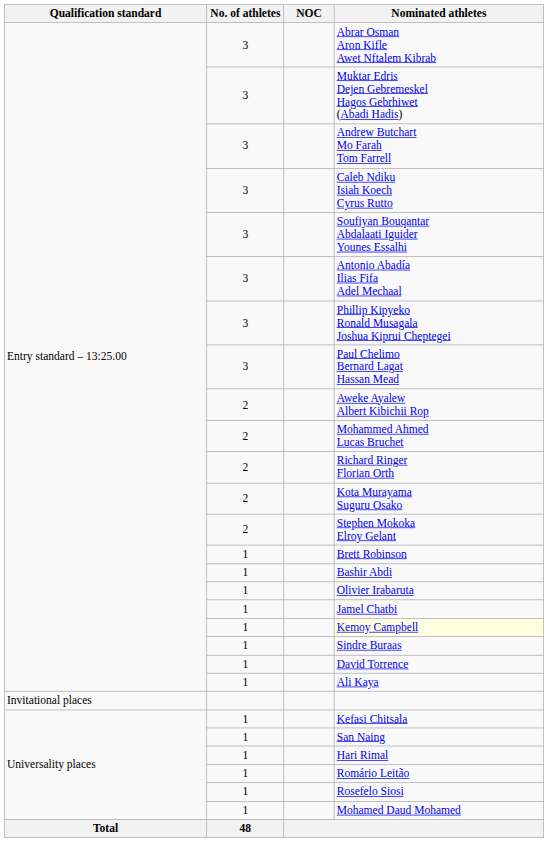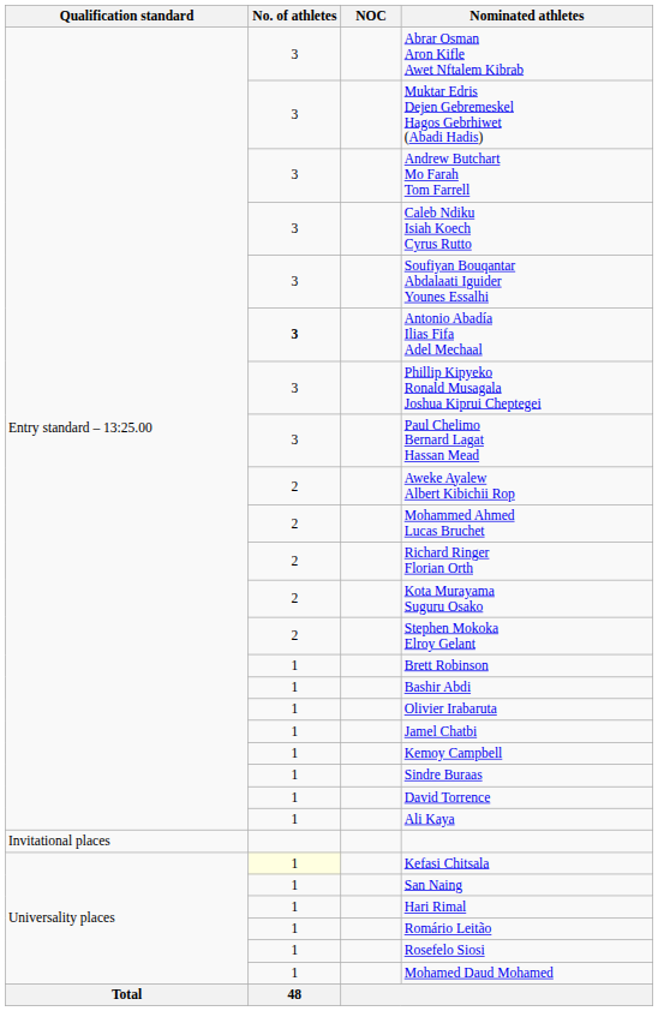 <table class="wikitable"  style="text-align:left; width:750px;">
 <tr>
 <th>Qualification standard</th>
 <th width=100>No. of athletes</th>
 <th>NOC</th>
 <th>Nominated athletes</th>
 </tr>
 <tr>
 <td rowspan=21>Entry standard – 13:25.00</td>
 <td style="text-align:center;">3</td>
 <td></td>
 <td><a href='#'>Abrar Osman</a><br><a href='#'>Aron Kifle</a><br><a href='#'>Awet Nftalem Kibrab</a></td>
 </tr>
 <tr>
 <td style="text-align:center;">3</td>
 <td></td>
 <td><a href='#'>Muktar Edris</a><br><a href='#'>Dejen Gebremeskel</a><br><a href='#'>Hagos Gebrhiwet</a><br>(<a href='#'>Abadi Hadis</a>)</td>
 </tr>
 <tr>
 <td style="text-align:center;">3</td>
 <td></td>
 <td><a href='#'>Andrew Butchart</a><br><a href='#'>Mo Farah</a><br><a href='#'>Tom Farrell</a></td>
 </tr>
 <tr>
 <td style="text-align:center;">3</td>
 <td></td>
 <td><a href='#'>Caleb Ndiku</a><br><a href='#'>Isiah Koech</a><br><a href='#'>Cyrus Rutto</a></td>
 </tr>
 <tr>
 <td style="text-align:center;">3</td>
 <td></td>
 <td><a href='#'>Soufiyan Bouqantar</a><br><a href='#'>Abdalaati Iguider</a><br><a href='#'>Younes Essalhi</a></td>
 </tr>
 <tr>
-<td style="text-align:center;">3</td>
+<td style="text-align:center;"><strong>3</strong></td>
 <td></td>
 <td><a href='#'>Antonio Abadía</a><br><a href='#'>Ilias Fifa</a><br><a href='#'>Adel Mechaal</a></td>
 </tr>
 <tr>
 <td style="text-align:center;">3</td>
 <td></td>
 <td><a href='#'>Phillip Kipyeko</a><br><a href='#'>Ronald Musagala</a><br><a href='#'>Joshua Kiprui Cheptegei</a></td>
 </tr>
 <tr>
 <td style="text-align:center;">3</td>
 <td></td>
 <td><a href='#'>Paul Chelimo</a><br><a href='#'>Bernard Lagat</a><br><a href='#'>Hassan Mead</a></td>
 </tr>
 <tr>
 <td style="text-align:center;">2</td>
 <td></td>
 <td><a href='#'>Aweke Ayalew</a><br><a href='#'>Albert Kibichii Rop</a></td>
 </tr>
 <tr>
 <td style="text-align:center;">2</td>
 <td></td>
 <td><a href='#'>Mohammed Ahmed</a><br><a href='#'>Lucas Bruchet</a> </td>
 </tr>
 <tr>
 <td style="text-align:center;">2</td>
 <td></td>
 <td><a href='#'>Richard Ringer</a><br><a href='#'>Florian Orth</a></td>
 </tr>
 <tr>
 <td style="text-align:center;">2</td>
 <td></td>
 <td><a href='#'>Kota Murayama</a><br><a href='#'>Suguru Osako</a></td>
 </tr>
 <tr>
 <td style="text-align:center;">2</td>
 <td></td>
 <td><a href='#'>Stephen Mokoka</a><br><a href='#'>Elroy Gelant</a></td>
 </tr>
 <tr>
 <td style="text-align:center;">1</td>
 <td></td>
 <td><a href='#'>Brett Robinson</a></td>
 </tr>
 <tr>
 <td style="text-align:center;">1</td>
 <td></td>
 <td><a href='#'>Bashir Abdi</a></td>
 </tr>
 <tr>
 <td style="text-align:center;">1</td>
 <td></td>
 <td><a href='#'>Olivier Irabaruta</a></td>
 </tr>
 <tr>
 <td style="text-align:center;">1</td>
 <td></td>
 <td><a href='#'>Jamel Chatbi</a></td>
 </tr>
 <tr>
 <td style="text-align:center;">1</td>
 <td></td>
-<td style="background: lightyellow;"><a href='#'>Kemoy Campbell</a></td>
+<td><a href='#'>Kemoy Campbell</a></td>
 </tr>
 <tr>
 <td style="text-align:center;">1</td>
 <td></td>
 <td><a href='#'>Sindre Buraas</a></td>
 </tr>
 <tr>
 <td style="text-align:center;">1</td>
 <td></td>
 <td><a href='#'>David Torrence</a></td>
 </tr>
 <tr>
 <td style="text-align:center;">1</td>
 <td></td>
 <td><a href='#'>Ali Kaya</a></td>
 </tr>
 <tr>
 <td>Invitational places</td>
 <td></td>
 <td></td>
 <td></td>
 </tr>
 <tr>
 <td rowspan=6>Universality places</td>
-<td style="text-align:center;">1</td>
+<td style="background: lightyellow; text-align:center;">1</td>
 <td></td>
 <td><a href='#'>Kefasi Chitsala</a></td>
 </tr>
 <tr>
 <td style="text-align:center;">1</td>
 <td></td>
 <td><a href='#'>San Naing</a></td>
 </tr>
 <tr>
 <td style="text-align:center;">1</td>
 <td></td>
 <td><a href='#'>Hari Rimal</a></td>
 </tr>
 <tr>
 <td style="text-align:center;">1</td>
 <td></td>
 <td><a href='#'>Romário Leitão</a></td>
 </tr>
 <tr>
 <td style="text-align:center;">1</td>
 <td></td>
 <td><a href='#'>Rosefelo Siosi</a></td>
 </tr>
 <tr>
 <td style="text-align:center;">1</td>
 <td></td>
 <td><a href='#'>Mohamed Daud Mohamed</a></td>
 </tr>
 <tr>
 <th>Total</th>
 <th>48</th>
 <th colspan=2></th>
 </tr>
 </table>
